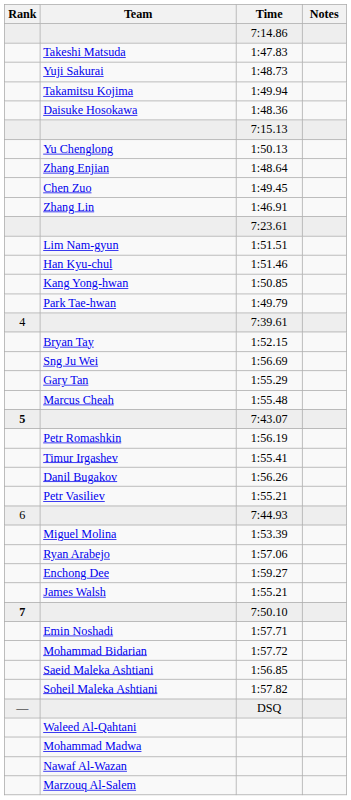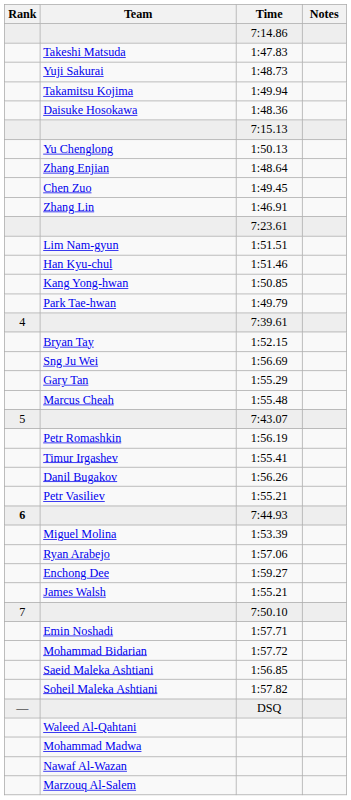 <table class="wikitable" style="text-align:center">
 <tr>
 <th width=40>Rank</th>
 <th width=250>Team</th>
 <th width=80>Time</th>
 <th width=50>Notes</th>
 </tr>
 <tr bgcolor=eeeeee>
 <td></td>
 <td align=left></td>
 <td>7:14.86</td>
 <td></td>
 </tr>
 <tr>
 <td></td>
 <td align=left><a href='#'>Takeshi Matsuda</a></td>
 <td>1:47.83</td>
 <td></td>
 </tr>
 <tr>
 <td></td>
 <td align=left><a href='#'>Yuji Sakurai</a></td>
 <td>1:48.73</td>
 <td></td>
 </tr>
 <tr>
 <td></td>
 <td align=left><a href='#'>Takamitsu Kojima</a></td>
 <td>1:49.94</td>
 <td></td>
 </tr>
 <tr>
 <td></td>
 <td align=left><a href='#'>Daisuke Hosokawa</a></td>
 <td>1:48.36</td>
 <td></td>
 </tr>
 <tr bgcolor=eeeeee>
 <td></td>
 <td align=left></td>
 <td>7:15.13</td>
 <td></td>
 </tr>
 <tr>
 <td></td>
 <td align=left><a href='#'>Yu Chenglong</a></td>
 <td>1:50.13</td>
 <td></td>
 </tr>
 <tr>
 <td></td>
 <td align=left><a href='#'>Zhang Enjian</a></td>
 <td>1:48.64</td>
 <td></td>
 </tr>
 <tr>
 <td></td>
 <td align=left><a href='#'>Chen Zuo</a></td>
 <td>1:49.45</td>
 <td></td>
 </tr>
 <tr>
 <td></td>
 <td align=left><a href='#'>Zhang Lin</a></td>
 <td>1:46.91</td>
 <td></td>
 </tr>
 <tr bgcolor=eeeeee>
 <td></td>
 <td align=left></td>
 <td>7:23.61</td>
 <td></td>
 </tr>
 <tr>
 <td></td>
 <td align=left><a href='#'>Lim Nam-gyun</a></td>
 <td>1:51.51</td>
 <td></td>
 </tr>
 <tr>
 <td></td>
 <td align=left><a href='#'>Han Kyu-chul</a></td>
 <td>1:51.46</td>
 <td></td>
 </tr>
 <tr>
 <td></td>
 <td align=left><a href='#'>Kang Yong-hwan</a></td>
 <td>1:50.85</td>
 <td></td>
 </tr>
 <tr>
 <td></td>
 <td align=left><a href='#'>Park Tae-hwan</a></td>
 <td>1:49.79</td>
 <td></td>
 </tr>
 <tr bgcolor=eeeeee>
 <td>4</td>
 <td align=left></td>
 <td>7:39.61</td>
 <td></td>
 </tr>
 <tr>
 <td></td>
 <td align=left><a href='#'>Bryan Tay</a></td>
 <td>1:52.15</td>
 <td></td>
 </tr>
 <tr>
 <td></td>
 <td align=left><a href='#'>Sng Ju Wei</a></td>
 <td>1:56.69</td>
 <td></td>
 </tr>
 <tr>
 <td></td>
 <td align=left><a href='#'>Gary Tan</a></td>
 <td>1:55.29</td>
 <td></td>
 </tr>
 <tr>
 <td></td>
 <td align=left><a href='#'>Marcus Cheah</a></td>
 <td>1:55.48</td>
 <td></td>
 </tr>
 <tr bgcolor=eeeeee>
-<td><strong>5</strong></td>
+<td>5</td>
 <td align=left></td>
 <td>7:43.07</td>
 <td></td>
 </tr>
 <tr>
 <td></td>
 <td align=left><a href='#'>Petr Romashkin</a></td>
 <td>1:56.19</td>
 <td></td>
 </tr>
 <tr>
 <td></td>
 <td align=left><a href='#'>Timur Irgashev</a></td>
 <td>1:55.41</td>
 <td></td>
 </tr>
 <tr>
 <td></td>
 <td align=left><a href='#'>Danil Bugakov</a></td>
 <td>1:56.26</td>
 <td></td>
 </tr>
 <tr>
 <td></td>
 <td align=left><a href='#'>Petr Vasiliev</a></td>
 <td>1:55.21</td>
 <td></td>
 </tr>
 <tr bgcolor=eeeeee>
-<td>6</td>
+<td><strong>6</strong></td>
 <td align=left></td>
 <td>7:44.93</td>
 <td></td>
 </tr>
 <tr>
 <td></td>
 <td align=left><a href='#'>Miguel Molina</a></td>
 <td>1:53.39</td>
 <td></td>
 </tr>
 <tr>
 <td></td>
 <td align=left><a href='#'>Ryan Arabejo</a></td>
 <td>1:57.06</td>
 <td></td>
 </tr>
 <tr>
 <td></td>
 <td align=left><a href='#'>Enchong Dee</a></td>
 <td>1:59.27</td>
 <td></td>
 </tr>
 <tr>
 <td></td>
 <td align=left><a href='#'>James Walsh</a></td>
 <td>1:55.21</td>
 <td></td>
 </tr>
 <tr bgcolor=eeeeee>
-<td><strong>7</strong></td>
+<td>7</td>
 <td align=left></td>
 <td>7:50.10</td>
 <td></td>
 </tr>
 <tr>
 <td></td>
 <td align=left><a href='#'>Emin Noshadi</a></td>
 <td>1:57.71</td>
 <td></td>
 </tr>
 <tr>
 <td></td>
 <td align=left><a href='#'>Mohammad Bidarian</a></td>
 <td>1:57.72</td>
 <td></td>
 </tr>
 <tr>
 <td></td>
 <td align=left><a href='#'>Saeid Maleka Ashtiani</a></td>
 <td>1:56.85</td>
 <td></td>
 </tr>
 <tr>
 <td></td>
 <td align=left><a href='#'>Soheil Maleka Ashtiani</a></td>
 <td>1:57.82</td>
 <td></td>
 </tr>
 <tr bgcolor=eeeeee>
 <td>—</td>
 <td align=left></td>
 <td>DSQ</td>
 <td></td>
 </tr>
 <tr>
 <td></td>
 <td align=left><a href='#'>Waleed Al-Qahtani</a></td>
 <td></td>
 <td></td>
 </tr>
 <tr>
 <td></td>
 <td align=left><a href='#'>Mohammad Madwa</a></td>
 <td></td>
 <td></td>
 </tr>
 <tr>
 <td></td>
 <td align=left><a href='#'>Nawaf Al-Wazan</a></td>
 <td></td>
 <td></td>
 </tr>
 <tr>
 <td></td>
 <td align=left><a href='#'>Marzouq Al-Salem</a></td>
 <td></td>
 <td></td>
 </tr>
 </table>
